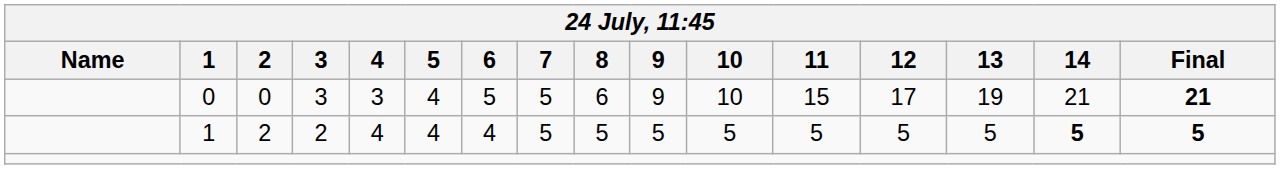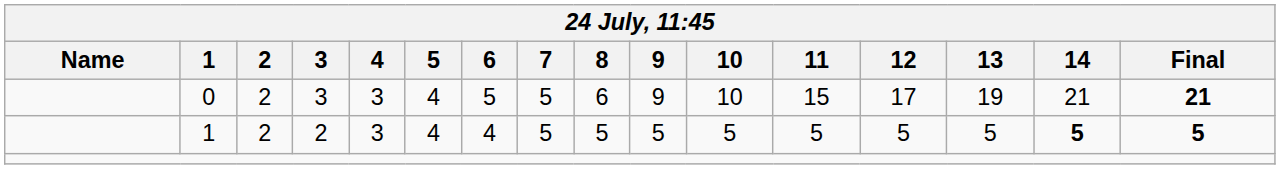 <table class=wikitable style="text-align:center; width: 55%">
 <tr>
 <th colspan=17><em>24 July, 11:45</em></th>
 </tr>
 <tr>
 <th>Name</th>
 <th>1</th>
 <th>2</th>
 <th>3</th>
 <th>4</th>
 <th>5</th>
 <th>6</th>
 <th>7</th>
 <th>8</th>
 <th>9</th>
 <th>10</th>
 <th>11</th>
 <th>12</th>
 <th>13</th>
 <th>14</th>
 <th>Final</th>
 </tr>
 <tr>
 <td align=left><strong></strong></td>
 <td>0</td>
-<td>0</td>
+<td>2</td>
 <td>3</td>
 <td>3</td>
 <td>4</td>
 <td>5</td>
 <td>5</td>
 <td>6</td>
 <td>9</td>
 <td>10</td>
 <td>15</td>
 <td>17</td>
 <td>19</td>
 <td>21</td>
 <td><strong>21</strong></td>
 </tr>
 <tr>
 <td align=left></td>
 <td>1</td>
 <td>2</td>
 <td>2</td>
-<td>4</td>
+<td>3</td>
 <td>4</td>
 <td>4</td>
 <td>5</td>
 <td>5</td>
 <td>5</td>
 <td>5</td>
 <td>5</td>
 <td>5</td>
 <td>5</td>
 <td><strong>5</strong></td>
 <td><strong>5</strong></td>
 </tr>
 <tr>
 <td colspan=17></td>
 </tr>
 </table>
